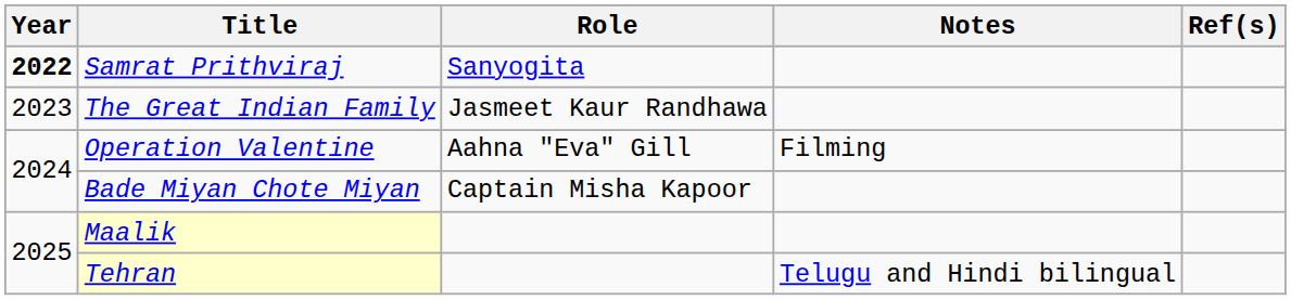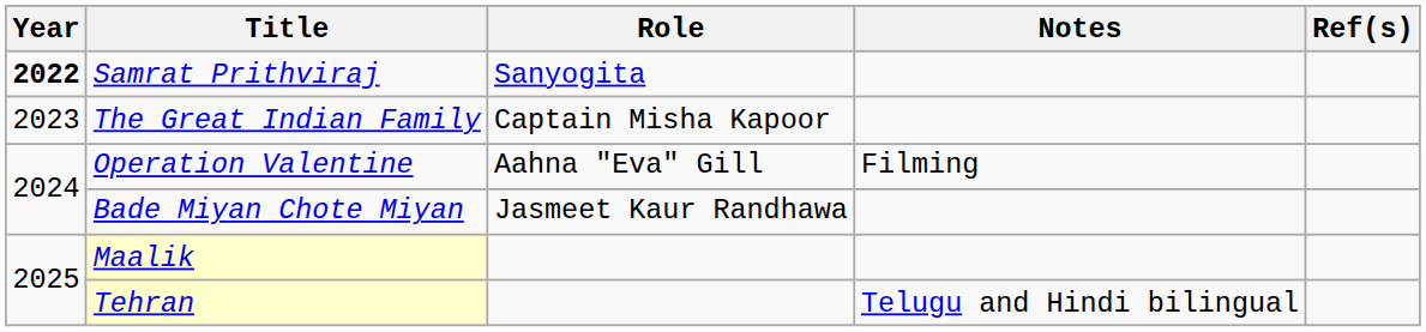 <table class="wikitable sortable">
 <tr>
 <th scope="col">Year</th>
 <th scope="col">Title</th>
 <th scope="col">Role</th>
 <th scope="col" class="unsortable">Notes</th>
 <th scope="col" class="unsortable">Ref(s)</th>
 </tr>
 <tr>
 <td><strong>2022</strong></td>
 <td scope="row"><em><a href='#'>Samrat Prithviraj</a></em></td>
 <td><a href='#'>Sanyogita</a></td>
 <td></td>
 <td></td>
 </tr>
 <tr>
 <td>2023</td>
 <td scope="row"><em><a href='#'>The Great Indian Family</a></em></td>
-<td>Jasmeet Kaur Randhawa</td>
+<td>Captain Misha Kapoor</td>
 <td></td>
 <td></td>
 </tr>
 <tr>
 <td rowspan="2">2024</td>
 <td scope="row"><em><a href='#'>Operation Valentine</a></em></td>
 <td>Aahna "Eva" Gill</td>
 <td>Filming</td>
 <td></td>
 </tr>
 <tr>
 <td scope="row"><em><a href='#'>Bade Miyan Chote Miyan</a></em></td>
-<td>Captain Misha Kapoor</td>
+<td>Jasmeet Kaur Randhawa</td>
 <td></td>
 <td></td>
 </tr>
 <tr>
 <td rowspan="2">2025</td>
 <td style="background:#FFFFCC;"><em><a href='#'>Maalik</a></em> </td>
 <td></td>
 <td></td>
 <td></td>
 </tr>
 <tr>
 <td style="background:#FFFFCC;"><em><a href='#'>Tehran</a></em> </td>
 <td></td>
 <td><a href='#'>Telugu</a> and Hindi bilingual</td>
 <td></td>
 </tr>
 </table>
